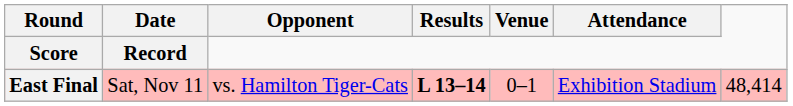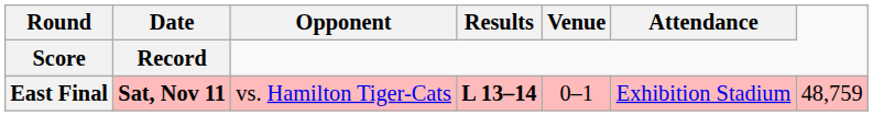 <table class="wikitable" style="text-align:center">
 <tr>
 <th>Round</th>
 <th>Date</th>
 <th>Opponent</th>
 <th>Results</th>
 <th>Venue</th>
 <th>Attendance</th>
 </tr>
 <tr>
 <th>Score</th>
 <th>Record</th>
 </tr>
 <tr style="background:#ffbbbb">
 <th>East Final</th>
-<td>Sat, Nov 11</td>
+<td><strong>Sat, Nov 11</strong></td>
 <td>vs. <a href='#'>Hamilton Tiger-Cats</a></td>
 <td><strong>L 13–14 </strong></td>
 <td>0–1</td>
 <td><a href='#'>Exhibition Stadium</a></td>
-<td>48,414</td>
+<td>48,759</td>
 </tr>
 </table>
